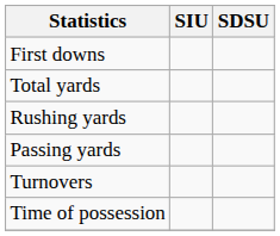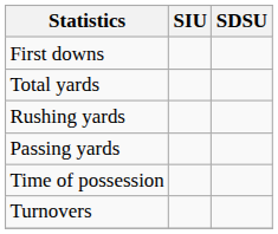 <table class="wikitable">
 <tr>
 <th>Statistics</th>
 <th>SIU</th>
 <th>SDSU</th>
 </tr>
 <tr>
 <td>First downs</td>
 <td></td>
 <td></td>
 </tr>
 <tr>
 <td>Total yards</td>
 <td></td>
 <td></td>
 </tr>
 <tr>
 <td>Rushing yards</td>
 <td></td>
 <td></td>
 </tr>
 <tr>
 <td>Passing yards</td>
 <td></td>
 <td></td>
 </tr>
 <tr>
-<td>Turnovers</td>
+<td>Time of possession</td>
 <td></td>
 <td></td>
 </tr>
 <tr>
-<td>Time of possession</td>
+<td>Turnovers</td>
 <td></td>
 <td></td>
 </tr>
 <tr>
 </tr>
 </table>
